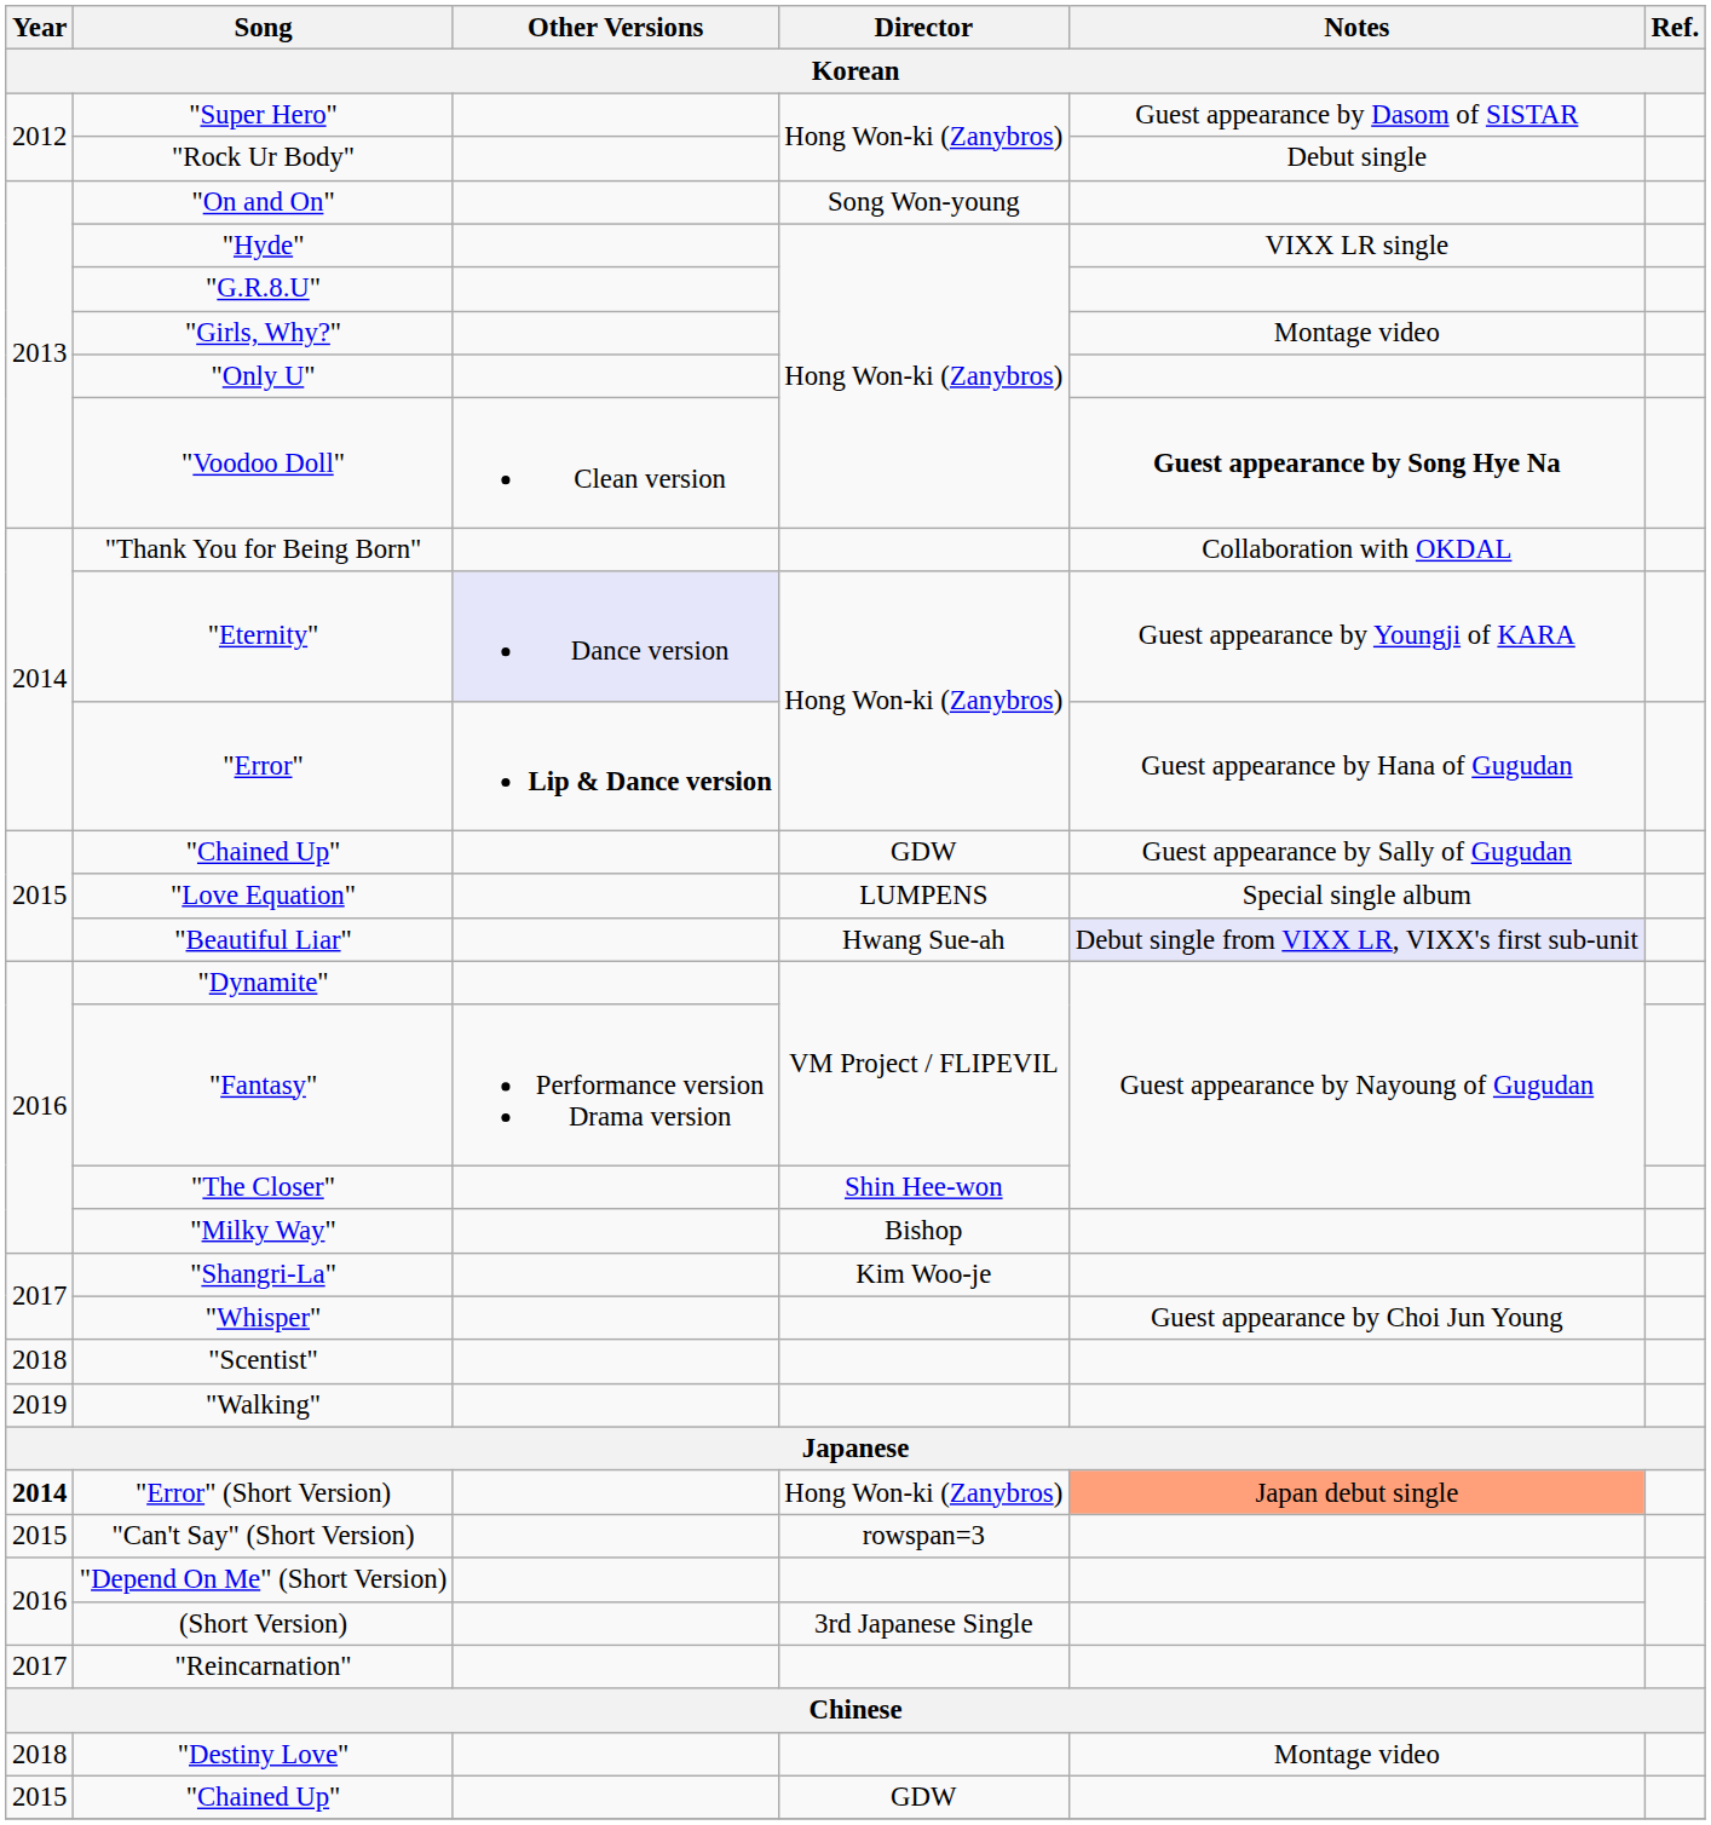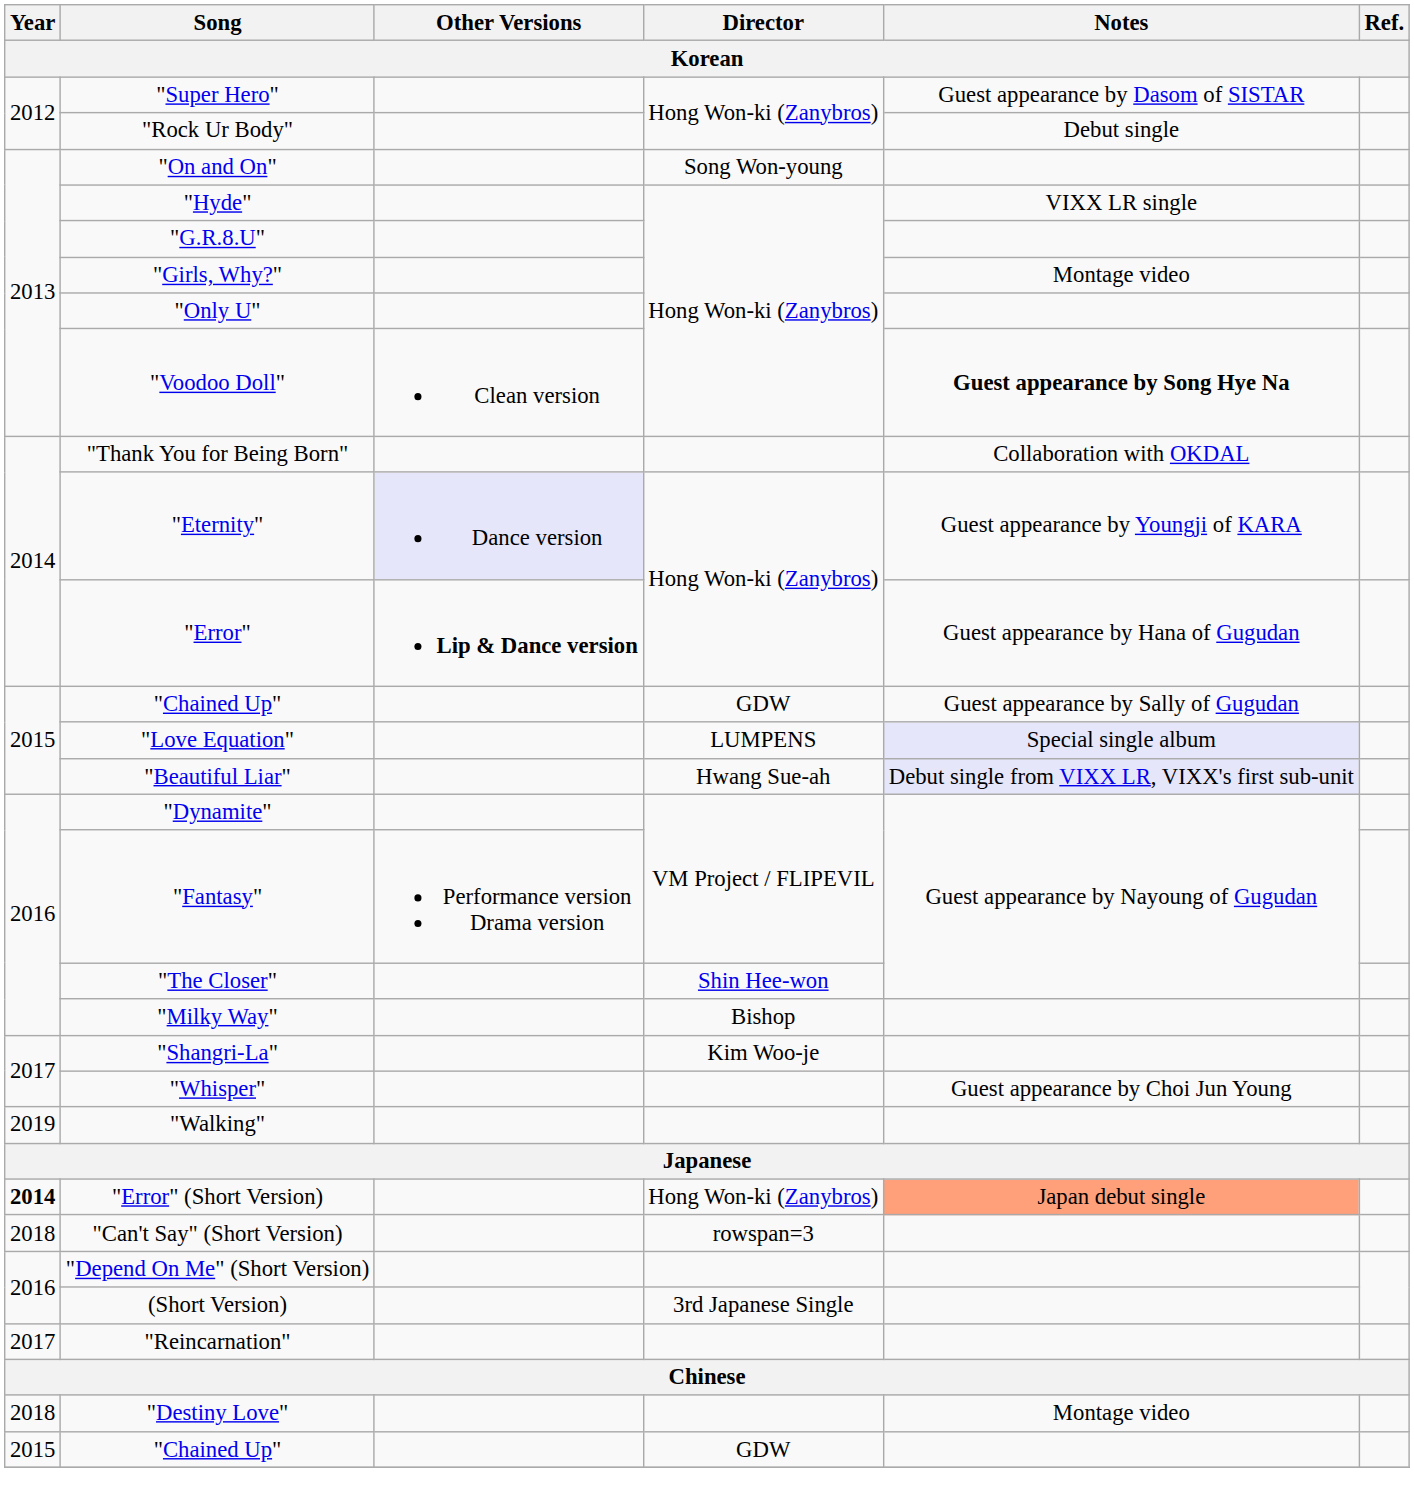 <table class="wikitable" style="text-align:center">
 <tr>
 <th>Year</th>
 <th>Song</th>
 <th>Other Versions</th>
 <th>Director</th>
 <th>Notes</th>
 <th>Ref.</th>
 </tr>
 <tr>
 <th colspan="6">Korean</th>
 </tr>
 <tr>
 <td rowspan="2">2012</td>
 <td>"<a href='#'>Super Hero</a>"</td>
 <td></td>
 <td rowspan="2">Hong Won-ki (<a href='#'>Zanybros</a>)</td>
 <td>Guest appearance by <a href='#'>Dasom</a> of <a href='#'>SISTAR</a></td>
 <td></td>
 </tr>
 <tr>
 <td>"Rock Ur Body"</td>
 <td></td>
 <td>Debut single</td>
 <td></td>
 </tr>
 <tr>
 <td rowspan="6">2013</td>
 <td>"<a href='#'>On and On</a>"</td>
 <td></td>
 <td>Song Won-young</td>
 <td></td>
 <td></td>
 </tr>
 <tr>
 <td>"<a href='#'>Hyde</a>"</td>
 <td></td>
 <td rowspan="5">Hong Won-ki (<a href='#'>Zanybros</a>)</td>
 <td>VIXX LR single</td>
 <td></td>
 </tr>
 <tr>
 <td>"<a href='#'>G.R.8.U</a>"</td>
 <td></td>
 <td></td>
 <td></td>
 </tr>
 <tr>
 <td>"<a href='#'>Girls, Why?</a>"</td>
 <td></td>
 <td>Montage video</td>
 <td></td>
 </tr>
 <tr>
 <td>"<a href='#'>Only U</a>"</td>
 <td></td>
 <td></td>
 <td></td>
 </tr>
 <tr>
 <td>"<a href='#'>Voodoo Doll</a>"</td>
 <td><br><ul><li>Clean version</li></ul></td>
 <td><strong>Guest appearance by Song Hye Na</strong></td>
 <td></td>
 </tr>
 <tr>
 <td rowspan="3">2014</td>
 <td>"Thank You for Being Born"</td>
 <td></td>
 <td></td>
 <td>Collaboration with <a href='#'>OKDAL</a></td>
 <td></td>
 </tr>
 <tr>
 <td>"<a href='#'>Eternity</a>"</td>
 <td style="background: lavender;"><br><ul><li>Dance version</li></ul></td>
 <td rowspan="2">Hong Won-ki (<a href='#'>Zanybros</a>)</td>
 <td>Guest appearance by <a href='#'>Youngji</a> of <a href='#'>KARA</a></td>
 <td></td>
 </tr>
 <tr>
 <td>"<a href='#'>Error</a>"</td>
 <td><strong><br><ul><li>Lip & Dance version</li></ul></strong></td>
 <td>Guest appearance by Hana of <a href='#'>Gugudan</a></td>
 <td></td>
 </tr>
 <tr>
 <td rowspan="3">2015</td>
 <td>"<a href='#'>Chained Up</a>"</td>
 <td></td>
 <td>GDW</td>
 <td>Guest appearance by Sally of <a href='#'>Gugudan</a></td>
 <td></td>
 </tr>
 <tr>
 <td>"<a href='#'>Love Equation</a>"</td>
 <td></td>
 <td>LUMPENS</td>
-<td>Special single album</td>
+<td style="background: lavender;">Special single album</td>
 <td></td>
 </tr>
 <tr>
 <td>"<a href='#'>Beautiful Liar</a>"</td>
 <td></td>
 <td>Hwang Sue-ah</td>
 <td style="background: lavender;">Debut single from <a href='#'>VIXX LR</a>, VIXX's first sub-unit</td>
 <td></td>
 </tr>
 <tr>
 <td rowspan="4">2016</td>
 <td>"<a href='#'>Dynamite</a>"</td>
 <td></td>
 <td rowspan="2">VM Project / FLIPEVIL</td>
 <td rowspan="3">Guest appearance by Nayoung of <a href='#'>Gugudan</a></td>
 <td></td>
 </tr>
 <tr>
 <td>"<a href='#'>Fantasy</a>"</td>
 <td><br><ul><li>Performance version</li><li>Drama version</li></ul></td>
 <td></td>
 </tr>
 <tr>
 <td>"<a href='#'>The Closer</a>"</td>
 <td></td>
 <td><a href='#'>Shin Hee-won</a></td>
 <td></td>
 </tr>
 <tr>
 <td>"<a href='#'>Milky Way</a>"</td>
 <td></td>
 <td>Bishop</td>
 <td></td>
 <td></td>
 </tr>
 <tr>
 <td rowspan="2">2017</td>
 <td>"<a href='#'>Shangri-La</a>"</td>
 <td></td>
 <td>Kim Woo-je</td>
 <td></td>
 <td></td>
 </tr>
 <tr>
 <td>"<a href='#'>Whisper</a>"</td>
 <td></td>
 <td></td>
 <td>Guest appearance by Choi Jun Young</td>
 <td></td>
 </tr>
 <tr>
-<td>2018</td>
-<td>"Scentist"</td>
-<td></td>
-<td></td>
-<td></td>
-<td></td>
-</tr>
-<tr>
 <td>2019</td>
 <td>"Walking"</td>
 <td></td>
 <td></td>
 <td></td>
 <td></td>
 </tr>
 <tr>
 <th colspan="6">Japanese</th>
 </tr>
 <tr>
 <td><strong>2014</strong></td>
 <td>"<a href='#'>Error</a>" (Short Version)</td>
 <td></td>
 <td>Hong Won-ki (<a href='#'>Zanybros</a>)</td>
 <td style="background: lightsalmon;">Japan debut single</td>
 <td></td>
 </tr>
 <tr>
-<td>2015</td>
+<td>2018</td>
 <td>"Can't Say" (Short Version)</td>
 <td></td>
 <td>rowspan=3 </td>
 <td></td>
 <td></td>
 </tr>
 <tr>
 <td rowspan=2>2016</td>
 <td>"<a href='#'>Depend On Me</a>" (Short Version)</td>
 <td></td>
 <td></td>
 <td></td>
 </tr>
 <tr>
 <td> (Short Version)</td>
 <td></td>
 <td>3rd Japanese Single</td>
 <td></td>
 </tr>
 <tr>
 <td>2017</td>
 <td>"Reincarnation"</td>
 <td></td>
 <td></td>
 <td></td>
 <td></td>
 </tr>
 <tr>
 <th colspan="6">Chinese</th>
 </tr>
 <tr>
 <td>2018</td>
 <td>"<a href='#'>Destiny Love</a>"</td>
 <td></td>
 <td></td>
 <td>Montage video</td>
 <td></td>
 </tr>
 <tr>
 <td>2015</td>
 <td>"<a href='#'>Chained Up</a>"</td>
 <td></td>
 <td>GDW</td>
 <td></td>
 <td></td>
 </tr>
 <tr>
 </tr>
 </table>
